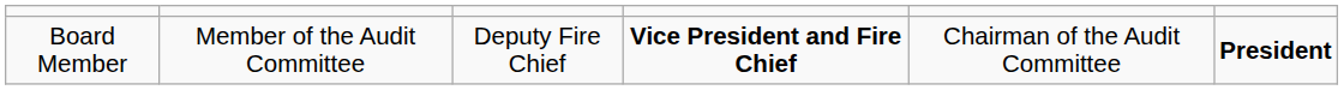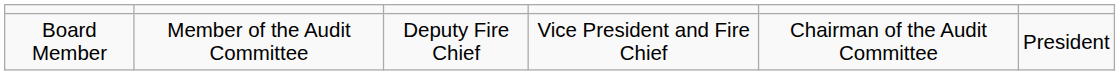 <table class="wikitable toptextcells" style="text-align:center;">
 <tr>
 <td></td>
 <td></td>
 <td></td>
 <td></td>
 <td></td>
 <td></td>
 </tr>
 <tr>
 <td>Board Member</td>
 <td>Member of the Audit Committee</td>
 <td>Deputy Fire Chief</td>
-<td><strong>Vice President and Fire Chief</strong></td>
+<td>Vice President and Fire Chief</td>
 <td>Chairman of the Audit Committee</td>
-<td><strong>President</strong></td>
+<td>President</td>
 </tr>
 </table>
